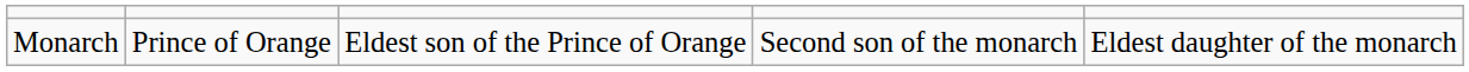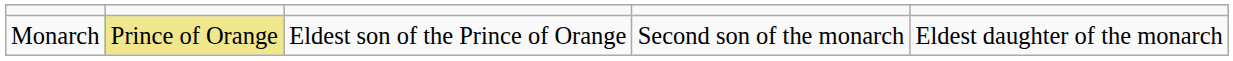 <table class="wikitable" style="margin:1em auto; text-align:center;">
 <tr>
 <td></td>
 <td></td>
 <td></td>
 <td></td>
 <td></td>
 </tr>
 <tr>
 <td>Monarch</td>
-<td>Prince of Orange </td>
+<td style="background: khaki;">Prince of Orange </td>
 <td>Eldest son of the Prince of Orange</td>
 <td>Second son of the monarch</td>
 <td>Eldest daughter of the monarch</td>
 </tr>
 </table>
